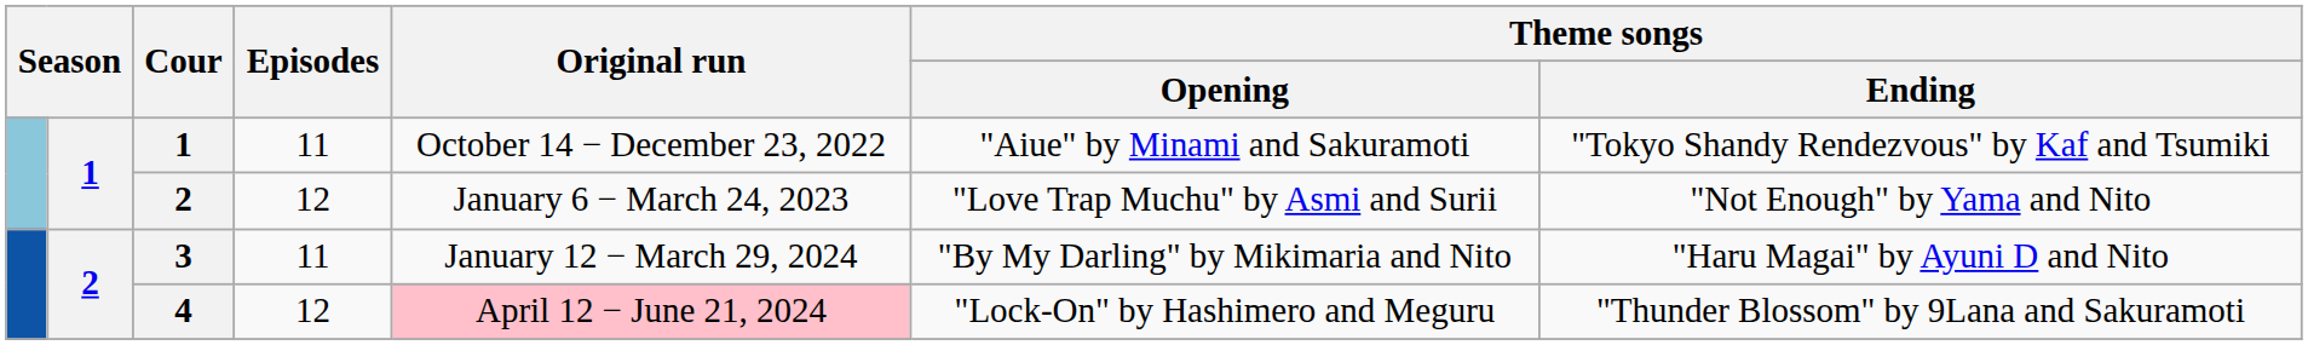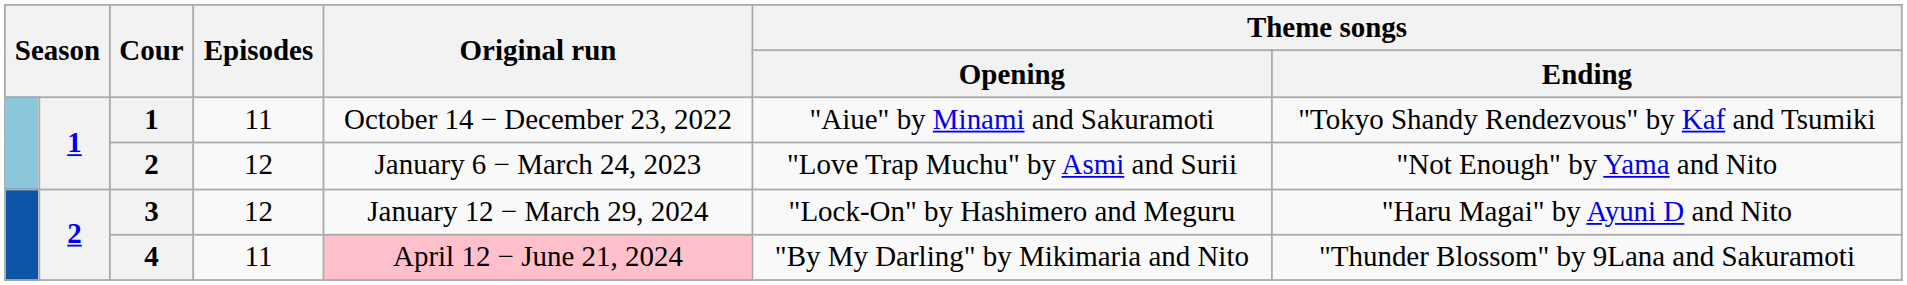 <table class="wikitable" style="width:83%;">
 <tr>
 <th colspan="2" rowspan="2">Season</th>
 <th rowspan="2">Cour</th>
 <th rowspan="2">Episodes</th>
 <th rowspan="2">Original run</th>
 <th colspan="2">Theme songs</th>
 </tr>
 <tr>
 <th>Opening</th>
 <th>Ending</th>
 </tr>
 <tr>
 <td rowspan="2" height="5px" bgcolor="#8AC7DB" align="center"></td>
 <th rowspan="2"><strong><a href='#'>1</a></strong></th>
 <th>1</th>
 <td align="center">11</td>
 <td align="center">October 14 − December 23, 2022</td>
 <td align="center">"Aiue" by <a href='#'>Minami</a> and Sakuramoti</td>
 <td align="center">"Tokyo Shandy Rendezvous" by <a href='#'>Kaf</a> and Tsumiki</td>
 </tr>
 <tr>
 <th>2</th>
 <td align="center">12</td>
 <td align="center">January 6 − March 24, 2023</td>
 <td align="center">"Love Trap Muchu" by <a href='#'>Asmi</a> and Surii</td>
 <td align="center">"Not Enough" by <a href='#'>Yama</a> and Nito</td>
 </tr>
 <tr>
 <td rowspan="2" height="5px" bgcolor="#0D54A6" align="center"></td>
 <th rowspan="2"><strong><a href='#'>2</a></strong></th>
 <th>3</th>
-<td align="center">11</td>
+<td align="center">12</td>
 <td align="center">January 12 − March 29, 2024</td>
-<td align="center">"By My Darling" by Mikimaria and Nito</td>
+<td align="center">"Lock-On" by Hashimero and Meguru</td>
 <td align="center">"Haru Magai" by <a href='#'>Ayuni D</a> and Nito</td>
 </tr>
 <tr>
 <th>4</th>
-<td align="center">12</td>
+<td align="center">11</td>
 <td align="center" style="background: pink;">April 12 − June 21, 2024</td>
-<td align="center">"Lock-On" by Hashimero and Meguru</td>
+<td align="center">"By My Darling" by Mikimaria and Nito</td>
 <td align="center">"Thunder Blossom" by 9Lana and Sakuramoti</td>
 </tr>
 </table>
